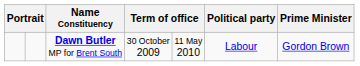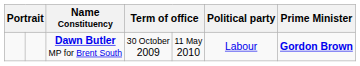 <table class="wikitable" style="text-align:Center;">
 <tr>
 <th colspan=2>Portrait</th>
 <th>Name<br><small>Constituency</small></th>
 <th colspan=2>Term of office</th>
 <th>Political party</th>
 <th>Prime Minister</th>
 </tr>
 <tr>
 <td style="background-color: "></td>
 <td></td>
 <td><strong><a href='#'>Dawn Butler</a></strong><br><small>MP for <a href='#'>Brent South</a></small></td>
 <td><small>30 October</small><br>2009</td>
 <td><small>11 May</small><br>2010</td>
 <td><a href='#'>Labour</a></td>
-<td><a href='#'>Gordon Brown</a></td>
+<td><strong><a href='#'>Gordon Brown</a></strong></td>
 </tr>
 </table>
